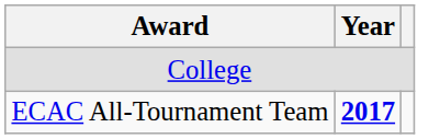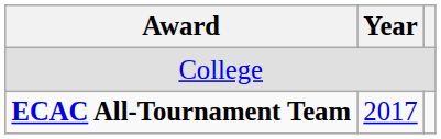 <table class="wikitable">
 <tr>
 <th>Award</th>
 <th>Year</th>
 <th></th>
 </tr>
 <tr ALIGN="center" bgcolor="#e0e0e0">
 <td colspan="3"><a href='#'>College</a></td>
 </tr>
 <tr>
-<td><a href='#'>ECAC</a> All-Tournament Team</td>
-<td><strong><a href='#'>2017</a></strong></td>
+<td><strong><a href='#'>ECAC</a> All-Tournament Team</strong></td>
+<td><a href='#'>2017</a></td>
 <td></td>
 </tr>
 </table>
